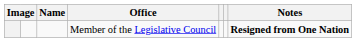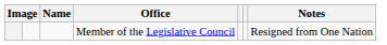 <table class="wikitable" style="text-align:center" "width:100%">
 <tr>
 <th colspan=2>Image</th>
 <th>Name<br></th>
 <th>Office</th>
 <th></th>
 <th></th>
 <th>Notes</th>
 </tr>
 <tr>
 <th style="background:"></th>
 <td></td>
 <td></td>
 <td>Member of the <a href='#'>Legislative Council</a></td>
 <td></td>
 <td></td>
-<td><strong>Resigned from One Nation</strong></td>
+<td>Resigned from One Nation</td>
 </tr>
 </table>
